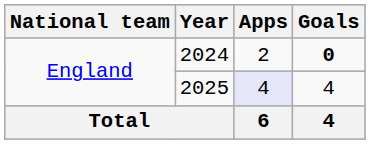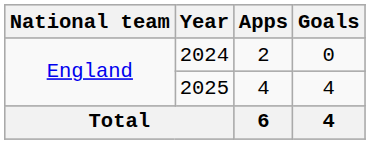 <table class="wikitable" style="text-align:center">
 <tr>
 <th>National team</th>
 <th>Year</th>
 <th>Apps</th>
 <th>Goals</th>
 </tr>
 <tr>
 <td rowspan="2"><a href='#'>England</a></td>
 <td>2024</td>
 <td>2</td>
-<td><strong>0</strong></td>
+<td>0</td>
 </tr>
 <tr>
 <td>2025</td>
-<td style="background: lavender;">4</td>
+<td>4</td>
 <td>4</td>
 </tr>
 <tr>
 <th colspan="2">Total</th>
 <th>6</th>
 <th>4</th>
 </tr>
 </table>
